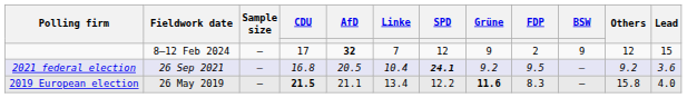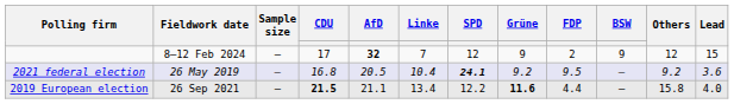 <table class="wikitable sortable" style="text-align:center;font-size:90%;line-height:14px;">
 <tr style="height:40px;">
 <th style="width:160px;" rowspan="2">Polling firm</th>
 <th style="width:110px;" rowspan="2">Fieldwork date</th>
 <th style="width:35px;" rowspan="2">Sample<br>size</th>
 <th class="unsortable" style="width:50px;"><a href='#'>CDU</a><br></th>
 <th class="unsortable" style="width:50px;"><a href='#'>AfD</a><br></th>
 <th class="unsortable" style="width:50px;"><a href='#'>Linke</a><br></th>
 <th class="unsortable" style="width:50px;"><a href='#'>SPD</a><br></th>
 <th class="unsortable" style="width:50px;"><a href='#'>Grüne</a><br></th>
 <th class="unsortable" style="width:50px;"><a href='#'>FDP</a><br></th>
 <th class="unsortable" style="width:50px;"><a href='#'>BSW</a><br></th>
 <th class="unsortable" style="width:50px;" rowspan="2">Others</th>
 <th style="width:30px;" rowspan="2">Lead</th>
 </tr>
 <tr>
 <th style="background:"></th>
 <th style="background:"></th>
 <th style="background:"></th>
 <th style="background:"></th>
 <th style="background:"></th>
 <th style="background:"></th>
 <th style="background:"></th>
 </tr>
 <tr>
 <td></td>
 <td data-sort-value="2024-02-12">8–12 Feb 2024</td>
 <td>–</td>
 <td>17</td>
 <td><strong>32</strong></td>
 <td>7</td>
 <td>12</td>
 <td>9</td>
 <td>2</td>
 <td>9</td>
 <td>12</td>
 <td style="background:">15</td>
 </tr>
 <tr style="background:#E5E5F5;font-style:italic;">
 <td><a href='#'>2021 federal election</a></td>
-<td data-sort-value="2021-09-26">26 Sep 2021</td>
+<td data-sort-value="2019-05-26">26 May 2019</td>
 <td>–</td>
 <td>16.8</td>
 <td>20.5</td>
 <td>10.4</td>
 <td><strong>24.1</strong></td>
 <td>9.2</td>
 <td>9.5</td>
 <td>–</td>
 <td>9.2</td>
 <td style="background:">3.6</td>
 </tr>
 <tr style="background:#E9E9E9;">
 <td><a href='#'>2019 European election</a></td>
-<td data-sort-value="2019-05-26">26 May 2019</td>
+<td data-sort-value="2021-09-26">26 Sep 2021</td>
 <td>–</td>
 <td><strong>21.5</strong></td>
 <td>21.1</td>
 <td>13.4</td>
 <td>12.2</td>
 <td><strong>11.6</strong></td>
-<td>8.3</td>
+<td>4.4</td>
 <td>–</td>
 <td>15.8</td>
 <td style="background:">4.0</td>
 </tr>
 </table>
